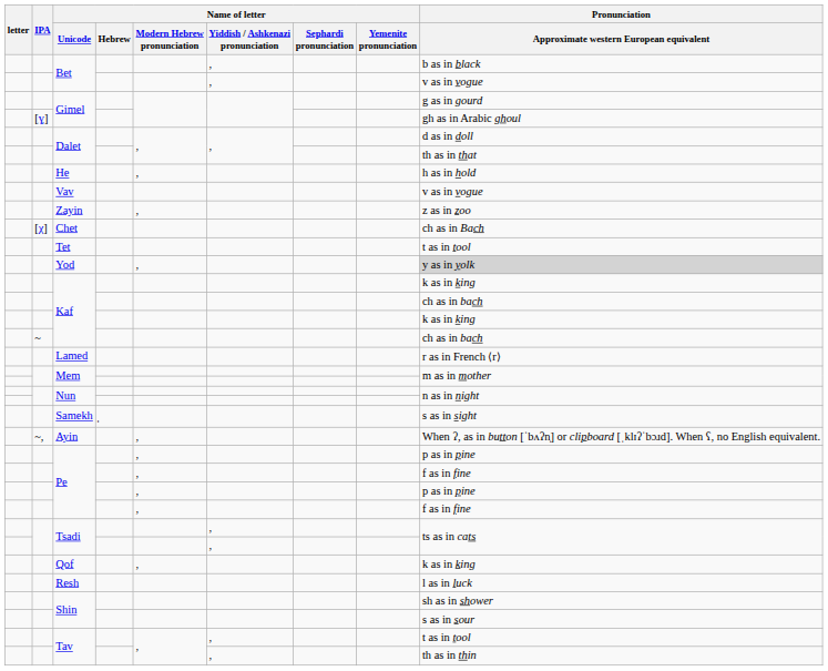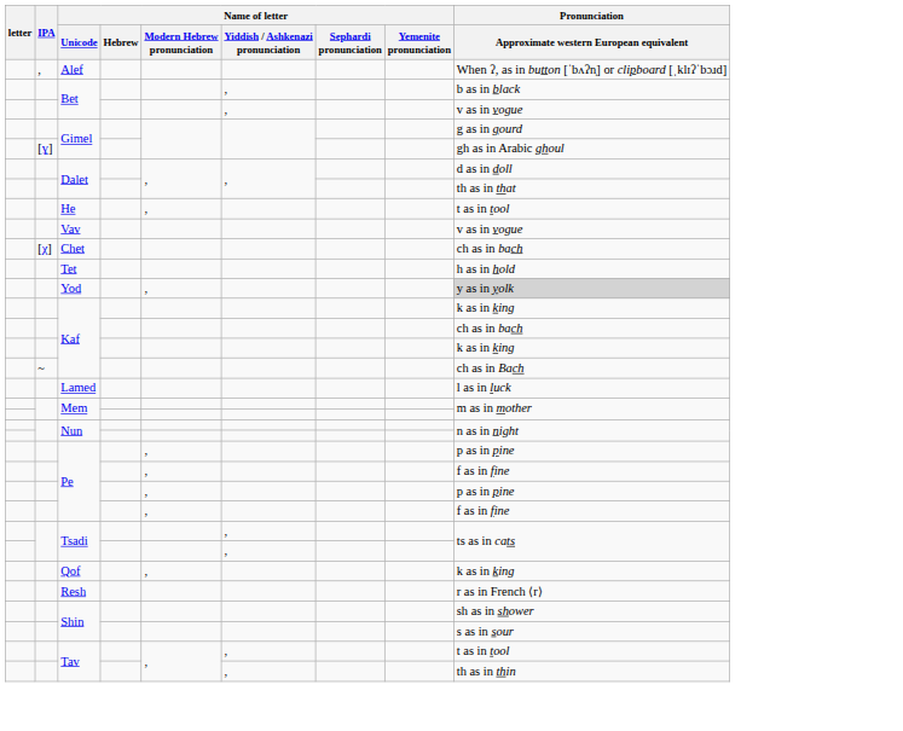 <table class="wikitable">
 <tr>
 <th rowspan=2><small>letter</small></th>
 <th rowspan=2><small><a href='#'>IPA</a></small></th>
 <th colspan="6"><small>Name of letter</small></th>
 <th><small>Pronunciation</small></th>
 </tr>
 <tr>
 <th><small><a href='#'>Unicode</a></small></th>
 <th><small>Hebrew</small></th>
 <th><small><a href='#'>Modern Hebrew</a><br>pronunciation</small></th>
 <th><small><a href='#'>Yiddish</a> / <a href='#'>Ashkenazi</a><br>pronunciation</small></th>
 <th><small><a href='#'>Sephardi</a><br>pronunciation</small></th>
 <th><strong><small><a href='#'>Yemenite</a></small></strong><br><strong><small>pronunciation</small></strong></th>
 <th><small>Approximate western European equivalent</small></th>
+</tr>
+<tr>
+<td style="font-size:200%;"></td>
+<td>, </td>
+<td><a href='#'>Alef</a></td>
+<td style="font-size:125%;"></td>
+<td></td>
+<td></td>
+<td></td>
+<td></td>
+<td>When ʔ, as in <em>bu<u>tt</u>on</em> [ˈbʌʔn̩] or <em>cli<u>p</u>board</em> [ˌklɪʔ⁠ˈbɔɹd]</td>
 </tr>
 <tr>
 <td style="font-size:200%;"></td>
 <td></td>
 <td rowspan=2><a href='#'>Bet</a></td>
 <td style="font-size:125%;"></td>
 <td></td>
 <td>, </td>
 <td></td>
 <td></td>
 <td>b as in <em><u>b</u>lack</em></td>
 </tr>
 <tr>
 <td style="font-size:200%;"></td>
 <td></td>
 <td style="font-size:125%;"></td>
 <td></td>
 <td>, </td>
 <td></td>
 <td></td>
 <td>v as in <em><u>v</u>ogue</em></td>
 </tr>
 <tr>
 <td style="font-size:200%;"></td>
 <td></td>
 <td rowspan="2"><a href='#'>Gimel</a></td>
 <td style="font-size:125%;"></td>
 <td rowspan="2"></td>
 <td rowspan="2"></td>
 <td></td>
 <td></td>
 <td>g as in <em><u>g</u>ourd</em></td>
 </tr>
 <tr>
 <td style="font-size:200%;"></td>
 <td>[<a href='#'>ɣ</a>]</td>
 <td style="font-size:125%;"></td>
 <td></td>
 <td></td>
 <td>gh as in Arabic <em><u>gh</u>oul</em></td>
 </tr>
 <tr>
 <td style="font-size:200%;"></td>
 <td></td>
 <td rowspan="2"><a href='#'>Dalet</a></td>
 <td style="font-size:125%;"></td>
 <td rowspan="2">, </td>
 <td rowspan="2">, </td>
 <td></td>
 <td></td>
 <td>d as in <em><u>d</u>oll</em></td>
 </tr>
 <tr>
 <td style="font-size:200%;"></td>
 <td></td>
 <td style="font-size:125%;"></td>
 <td></td>
 <td></td>
 <td>th as in <em><u>th</u>at</em></td>
 </tr>
 <tr>
 <td style="font-size:200%;"></td>
 <td></td>
 <td><a href='#'>He</a></td>
 <td style="font-size:125%;"></td>
 <td>, </td>
 <td></td>
 <td></td>
 <td></td>
-<td>h as in <em><u>h</u>old</em></td>
+<td>t as in <em><u>t</u>ool</em></td>
 </tr>
 <tr>
 <td style="font-size:200%;"></td>
 <td></td>
 <td><a href='#'>Vav</a></td>
 <td style="font-size:125%;"></td>
 <td></td>
 <td></td>
 <td></td>
 <td></td>
 <td>v as in <em><u>v</u>ogue</em></td>
 </tr>
 <tr>
 <td style="font-size:200%;"></td>
-<td></td>
-<td><a href='#'>Zayin</a></td>
-<td style="font-size:125%;"></td>
-<td>, </td>
-<td></td>
-<td></td>
-<td></td>
-<td>z as in <u><em>z</em></u><em>oo</em></td>
-</tr>
-<tr>
-<td style="font-size:200%;"></td>
 <td>[<a href='#'>χ</a>]</td>
 <td><a href='#'>Chet</a></td>
 <td style="font-size:125%;"></td>
 <td></td>
 <td></td>
 <td></td>
 <td></td>
-<td>ch as in <em>Ba<u>ch</u></em></td>
+<td>ch as in <em>ba<u>ch</u></em></td>
 </tr>
 <tr>
 <td style="font-size:200%;"></td>
 <td></td>
 <td><a href='#'>Tet</a></td>
 <td style="font-size:125%;"></td>
 <td></td>
 <td></td>
 <td></td>
 <td></td>
-<td>t as in <em><u>t</u>ool</em></td>
+<td>h as in <em><u>h</u>old</em></td>
 </tr>
 <tr>
 <td style="font-size:200%;"></td>
 <td></td>
 <td><a href='#'>Yod</a></td>
 <td style="font-size:125%;"></td>
 <td>, </td>
 <td></td>
 <td></td>
 <td></td>
 <td style="background: lightgrey;">y as in <em><u>y</u>olk</em></td>
 </tr>
 <tr>
 <td style="font-size:200%;"></td>
 <td></td>
 <td rowspan=4><a href='#'>Kaf</a></td>
 <td style="font-size:125%;"></td>
 <td></td>
 <td></td>
 <td></td>
 <td></td>
 <td>k as in <em><u>k</u>ing</em></td>
 </tr>
 <tr>
 <td style="font-size:200%;"></td>
 <td></td>
 <td style="font-size:125%;"></td>
 <td></td>
 <td></td>
 <td></td>
 <td></td>
 <td>ch as in <em>ba<u>ch</u></em></td>
 </tr>
 <tr>
 <td style="font-size:200%;"></td>
 <td></td>
 <td style="font-size:125%;"></td>
 <td></td>
 <td></td>
 <td></td>
 <td></td>
 <td>k as in <em><u>k</u>ing</em></td>
 </tr>
 <tr>
 <td style="font-size:200%;"></td>
 <td>~</td>
 <td style="font-size:125%;"></td>
 <td></td>
 <td></td>
 <td></td>
 <td></td>
-<td>ch as in <em>ba<u>ch</u></em></td>
+<td>ch as in <em>Ba<u>ch</u></em></td>
 </tr>
 <tr>
 <td style="font-size:200%;"></td>
 <td></td>
 <td><a href='#'>Lamed</a></td>
 <td style="font-size:125%;"></td>
 <td></td>
 <td></td>
 <td></td>
 <td></td>
-<td>r as in French ⟨r⟩</td>
+<td>l as in <em><u>l</u>uck</em></td>
 </tr>
 <tr>
 <td style="font-size:200%;"></td>
 <td rowspan=2></td>
 <td rowspan=2><a href='#'>Mem</a></td>
 <td style="font-size:125%;"></td>
 <td></td>
 <td></td>
 <td></td>
 <td></td>
 <td rowspan=2>m as in <em><u>m</u>other</em></td>
 </tr>
 <tr>
 <td style="font-size:200%;"></td>
 <td style="font-size:125%;"></td>
 <td></td>
 <td></td>
 <td></td>
 <td></td>
 </tr>
 <tr>
 <td style="font-size:200%;"></td>
 <td rowspan=2></td>
 <td rowspan=2><a href='#'>Nun</a></td>
 <td style="font-size:125%;"></td>
 <td></td>
 <td></td>
 <td></td>
 <td></td>
 <td rowspan=2>n as in <em><u>n</u>ight</em></td>
 </tr>
 <tr>
 <td style="font-size:200%;"></td>
 <td style="font-size:125%;"></td>
 <td></td>
 <td></td>
 <td></td>
 <td></td>
-</tr>
-<tr>
-<td style="font-size:200%;"></td>
-<td></td>
-<td><a href='#'>Samekh</a></td>
-<td><big>ְ</big></td>
-<td></td>
-<td></td>
-<td></td>
-<td></td>
-<td>s as in <em><u>s</u>ight</em></td>
-</tr>
-<tr>
-<td style="font-size:200%;"></td>
-<td>~, </td>
-<td><a href='#'>Ayin</a></td>
-<td style="font-size:125%;"></td>
-<td>, </td>
-<td></td>
-<td></td>
-<td></td>
-<td>When ʔ, as in <em>bu<u>tt</u>on</em> [ˈbʌʔn̩] or <em>cli<u>p</u>board</em> [ˌklɪʔ⁠ˈbɔɹd]. When ʕ, no English equivalent.</td>
 </tr>
 <tr>
 <td style="font-size:200%;"></td>
 <td></td>
 <td rowspan=4><a href='#'>Pe</a></td>
 <td style="font-size:125%;"></td>
 <td>, </td>
 <td></td>
 <td></td>
 <td></td>
 <td>p as in <em><u>p</u>ine</em></td>
 </tr>
 <tr>
 <td style="font-size:200%;"></td>
 <td></td>
 <td style="font-size:125%;"></td>
 <td>, </td>
 <td></td>
 <td></td>
 <td></td>
 <td>f as in <em><u>f</u>ine</em></td>
 </tr>
 <tr>
 <td style="font-size:200%;"></td>
 <td></td>
 <td style="font-size:125%;"></td>
 <td>, </td>
 <td></td>
 <td></td>
 <td></td>
 <td>p as in <em><u>p</u>ine</em></td>
 </tr>
 <tr>
 <td style="font-size:200%;"></td>
 <td></td>
 <td style="font-size:125%;"></td>
 <td>, </td>
 <td></td>
 <td></td>
 <td></td>
 <td>f as in <em><u>f</u>ine</em></td>
 </tr>
 <tr>
 <td style="font-size:200%;"></td>
 <td rowspan=2></td>
 <td rowspan="2"><a href='#'>Tsadi</a></td>
 <td style="font-size:125%;"></td>
 <td></td>
 <td>, </td>
 <td></td>
 <td></td>
 <td rowspan=2>ts as in <em>ca<u>ts</u></em></td>
 </tr>
 <tr>
 <td style="font-size:200%;"></td>
 <td style="font-size:125%;"></td>
 <td></td>
 <td>, </td>
 <td></td>
 <td></td>
 </tr>
 <tr>
 <td style="font-size:200%;"></td>
 <td></td>
 <td><a href='#'>Qof</a></td>
 <td style="font-size:125%;"></td>
 <td>, </td>
 <td></td>
 <td></td>
 <td></td>
 <td>k as in <em><u>k</u>ing</em></td>
 </tr>
 <tr>
 <td style="font-size:200%;"></td>
 <td></td>
 <td><a href='#'>Resh</a></td>
 <td style="font-size:125%;"></td>
 <td></td>
 <td></td>
 <td></td>
 <td></td>
-<td>l as in <em><u>l</u>uck</em></td>
+<td>r as in French ⟨r⟩</td>
 </tr>
 <tr>
 <td style="font-size:200%;"></td>
 <td></td>
 <td rowspan=2><a href='#'>Shin</a></td>
 <td style="font-size:125%;"></td>
 <td></td>
 <td></td>
 <td></td>
 <td></td>
 <td>sh as in <em><u>sh</u>ower</em></td>
 </tr>
 <tr>
 <td style="font-size:200%;"></td>
 <td></td>
 <td style="font-size:125%;"></td>
 <td></td>
 <td></td>
 <td></td>
 <td></td>
 <td>s as in <em><u>s</u>our</em></td>
 </tr>
 <tr>
 <td style="font-size:200%;"></td>
 <td></td>
 <td rowspan=2><a href='#'>Tav</a></td>
 <td style="font-size:125%;"></td>
 <td rowspan="2">, </td>
 <td>, </td>
 <td></td>
 <td></td>
 <td>t as in <em><u>t</u>ool</em></td>
 </tr>
 <tr>
 <td style="font-size:200%;"></td>
 <td></td>
 <td style="font-size:125%;"></td>
 <td>, </td>
 <td></td>
 <td></td>
 <td>th as in <em><u>th</u>in</em></td>
 </tr>
 </table>
